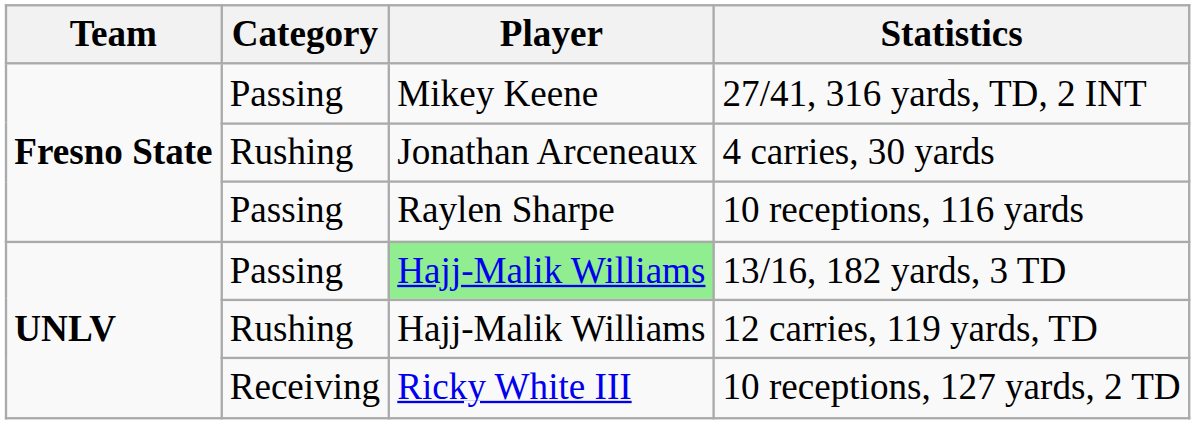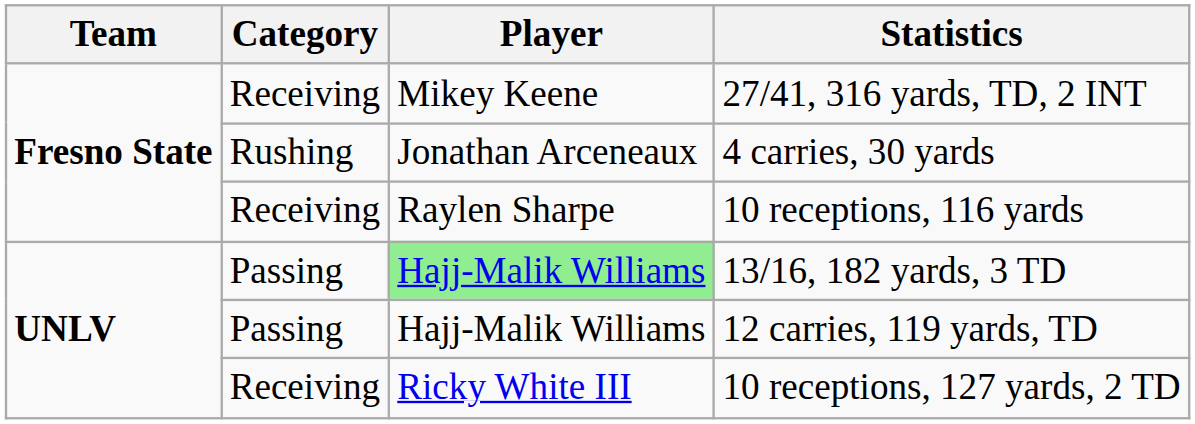 <table class="wikitable" style="float: right;">
 <tr>
 <th>Team</th>
 <th>Category</th>
 <th>Player</th>
 <th>Statistics</th>
 </tr>
 <tr>
 <td rowspan=3><strong>Fresno State</strong></td>
-<td>Passing</td>
+<td>Receiving</td>
 <td>Mikey Keene</td>
 <td>27/41, 316 yards, TD, 2 INT</td>
 </tr>
 <tr>
 <td>Rushing</td>
 <td>Jonathan Arceneaux</td>
 <td>4 carries, 30 yards</td>
 </tr>
 <tr>
-<td>Passing</td>
+<td>Receiving</td>
 <td>Raylen Sharpe</td>
 <td>10 receptions, 116 yards</td>
 </tr>
 <tr>
 <td rowspan=3><strong>UNLV</strong></td>
 <td>Passing</td>
 <td style="background: lightgreen;"><a href='#'>Hajj-Malik Williams</a></td>
 <td>13/16, 182 yards, 3 TD</td>
 </tr>
 <tr>
-<td>Rushing</td>
+<td>Passing</td>
 <td>Hajj-Malik Williams</td>
 <td>12 carries, 119 yards, TD</td>
 </tr>
 <tr>
 <td>Receiving</td>
 <td><a href='#'>Ricky White III</a></td>
 <td>10 receptions, 127 yards, 2 TD</td>
 </tr>
 </table>
